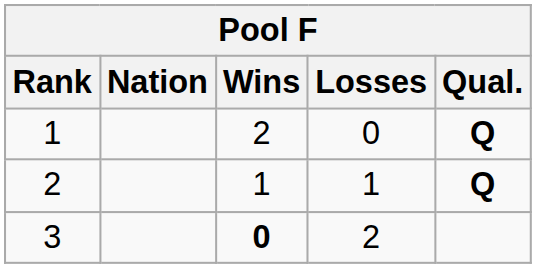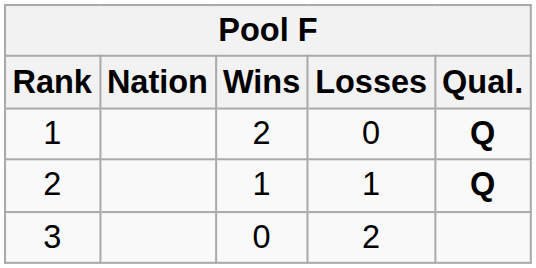 <table class="wikitable" style="text-align:center">
 <tr>
 <th colspan=5 align=center><strong>Pool F</strong></th>
 </tr>
 <tr>
 <th>Rank</th>
 <th>Nation</th>
 <th>Wins</th>
 <th>Losses</th>
 <th>Qual.</th>
 </tr>
 <tr>
 <td>1</td>
 <td align=left></td>
 <td>2</td>
 <td>0</td>
 <td><strong>Q</strong></td>
 </tr>
 <tr>
 <td>2</td>
 <td align=left></td>
 <td>1</td>
 <td>1</td>
 <td><strong>Q</strong></td>
 </tr>
 <tr>
 <td>3</td>
 <td align=left></td>
-<td><strong>0</strong></td>
+<td>0</td>
 <td>2</td>
 <td></td>
 </tr>
 </table>
